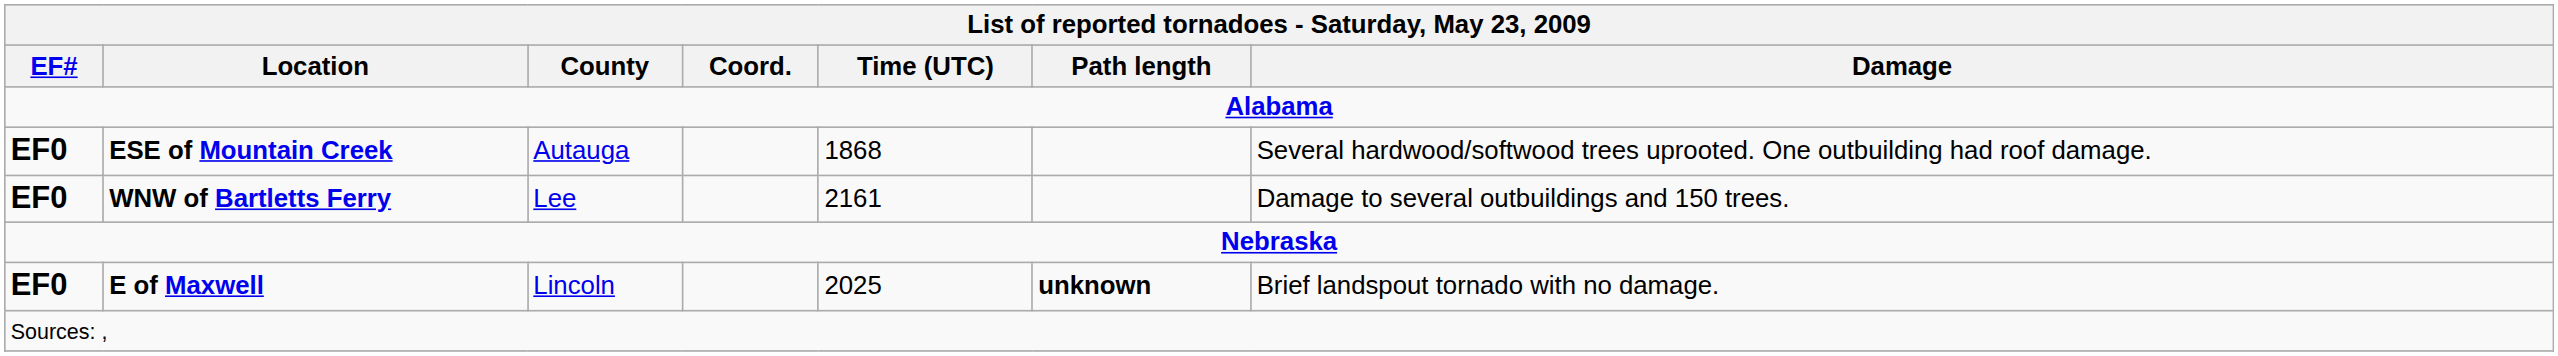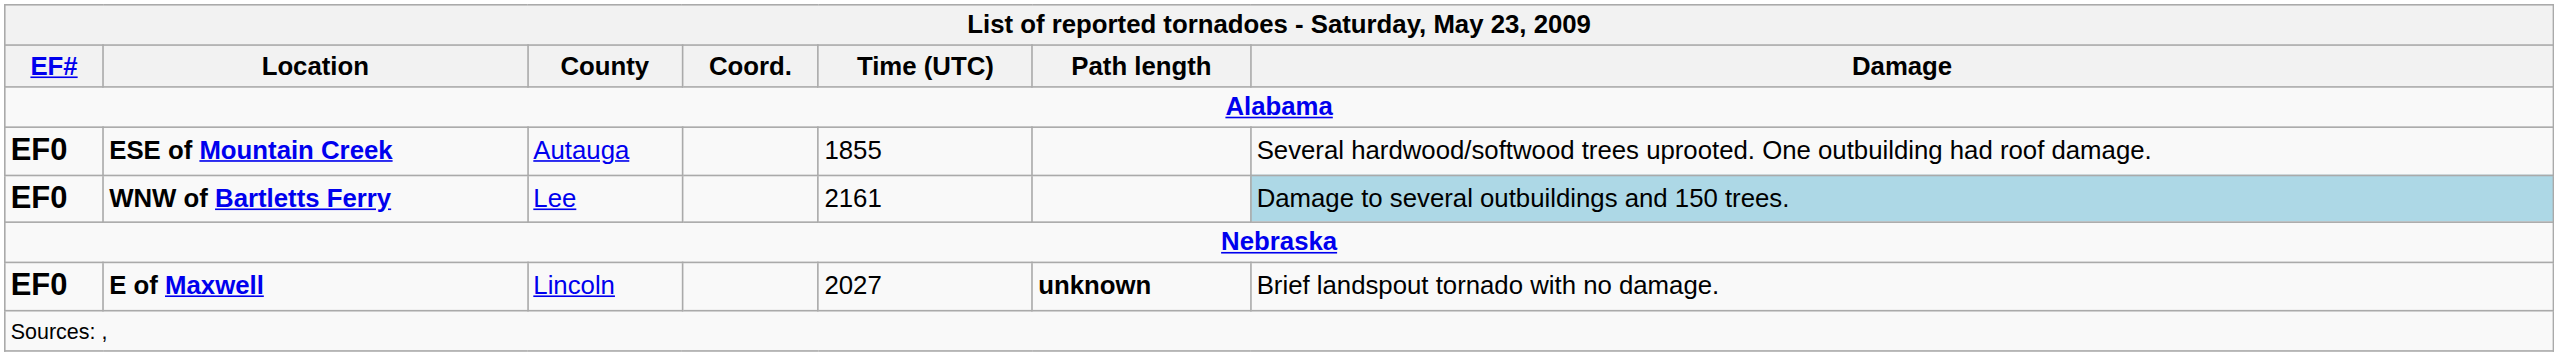 <table class="wikitable collapsible" width="100%">
 <tr>
 <th colspan="7">List of reported tornadoes - Saturday, May 23, 2009</th>
 </tr>
 <tr>
 <th><a href='#'>EF#</a></th>
 <th>Location</th>
 <th>County</th>
 <th>Coord.</th>
 <th>Time (UTC)</th>
 <th>Path length</th>
 <th>Damage</th>
 </tr>
 <tr>
 <td colspan="7" align=center><strong><a href='#'>Alabama</a></strong></td>
 </tr>
 <tr>
 <td><big><strong>EF0</strong></big></td>
 <td><strong>ESE of <a href='#'>Mountain Creek</a></strong></td>
 <td><a href='#'>Autauga</a></td>
 <td></td>
-<td>1868</td>
+<td>1855</td>
 <td></td>
 <td>Several hardwood/softwood trees uprooted. One outbuilding had roof damage.</td>
 </tr>
 <tr>
 <td><big><strong>EF0</strong></big></td>
 <td><strong>WNW of <a href='#'>Bartletts Ferry</a></strong></td>
 <td><a href='#'>Lee</a></td>
 <td></td>
 <td>2161</td>
 <td></td>
-<td>Damage to several outbuildings and 150 trees.</td>
+<td style="background: lightblue;">Damage to several outbuildings and 150 trees.</td>
 </tr>
 <tr>
 <td colspan="7" align=center><strong><a href='#'>Nebraska</a></strong></td>
 </tr>
 <tr>
 <td><big><strong>EF0</strong></big></td>
 <td><strong>E of <a href='#'>Maxwell</a></strong></td>
 <td><a href='#'>Lincoln</a></td>
 <td></td>
-<td>2025</td>
+<td>2027</td>
 <td><strong>unknown</strong></td>
 <td>Brief landspout tornado with no damage.</td>
 </tr>
 <tr>
 <td colspan="7"><small>Sources: , </small></td>
 </tr>
 </table>
